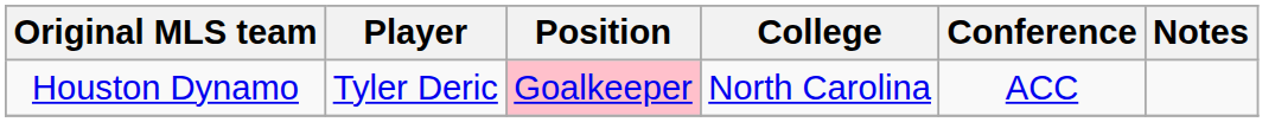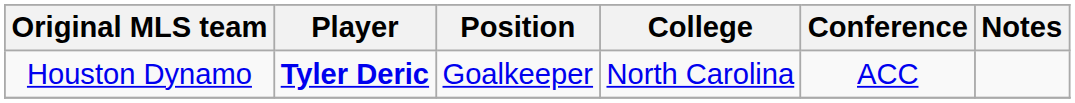 <table class="wikitable sortable" style="text-align:center">
 <tr>
 <th>Original MLS team</th>
 <th>Player</th>
 <th>Position</th>
 <th>College</th>
 <th>Conference</th>
 <th>Notes</th>
 </tr>
 <tr>
 <td><a href='#'>Houston Dynamo</a></td>
-<td><a href='#'>Tyler Deric</a></td>
-<td style="background: pink;"><a href='#'>Goalkeeper</a></td>
+<td><strong><a href='#'>Tyler Deric</a></strong></td>
+<td><a href='#'>Goalkeeper</a></td>
 <td><a href='#'>North Carolina</a></td>
 <td><a href='#'>ACC</a></td>
 <td></td>
 </tr>
 <tr>
 </tr>
 </table>
